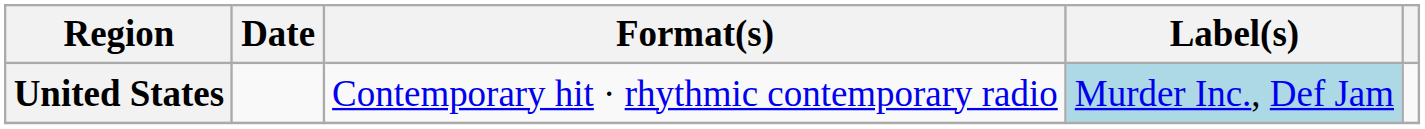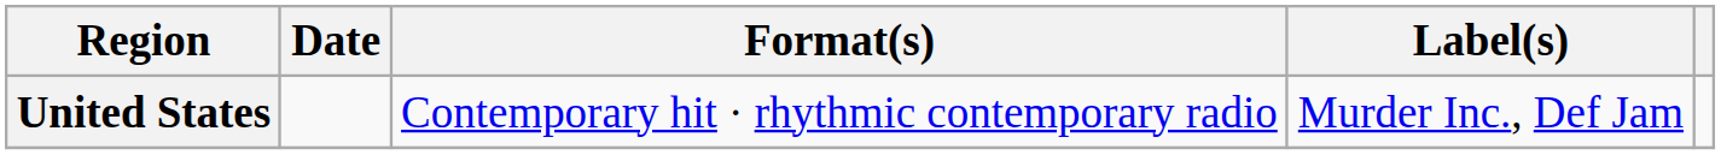 <table class="wikitable plainrowheaders" style="text-align:left">
 <tr>
 <th scope="col">Region</th>
 <th scope="col">Date</th>
 <th scope="col">Format(s)</th>
 <th scope="col">Label(s)</th>
 <th scope="col"></th>
 </tr>
 <tr>
 <th scope="row">United States</th>
 <td></td>
 <td><a href='#'>Contemporary hit</a> · <a href='#'>rhythmic contemporary radio</a></td>
-<td style="background: lightblue;"><a href='#'>Murder Inc.</a>, <a href='#'>Def Jam</a></td>
+<td><a href='#'>Murder Inc.</a>, <a href='#'>Def Jam</a></td>
 <td></td>
 </tr>
 <tr>
 </tr>
 </table>
